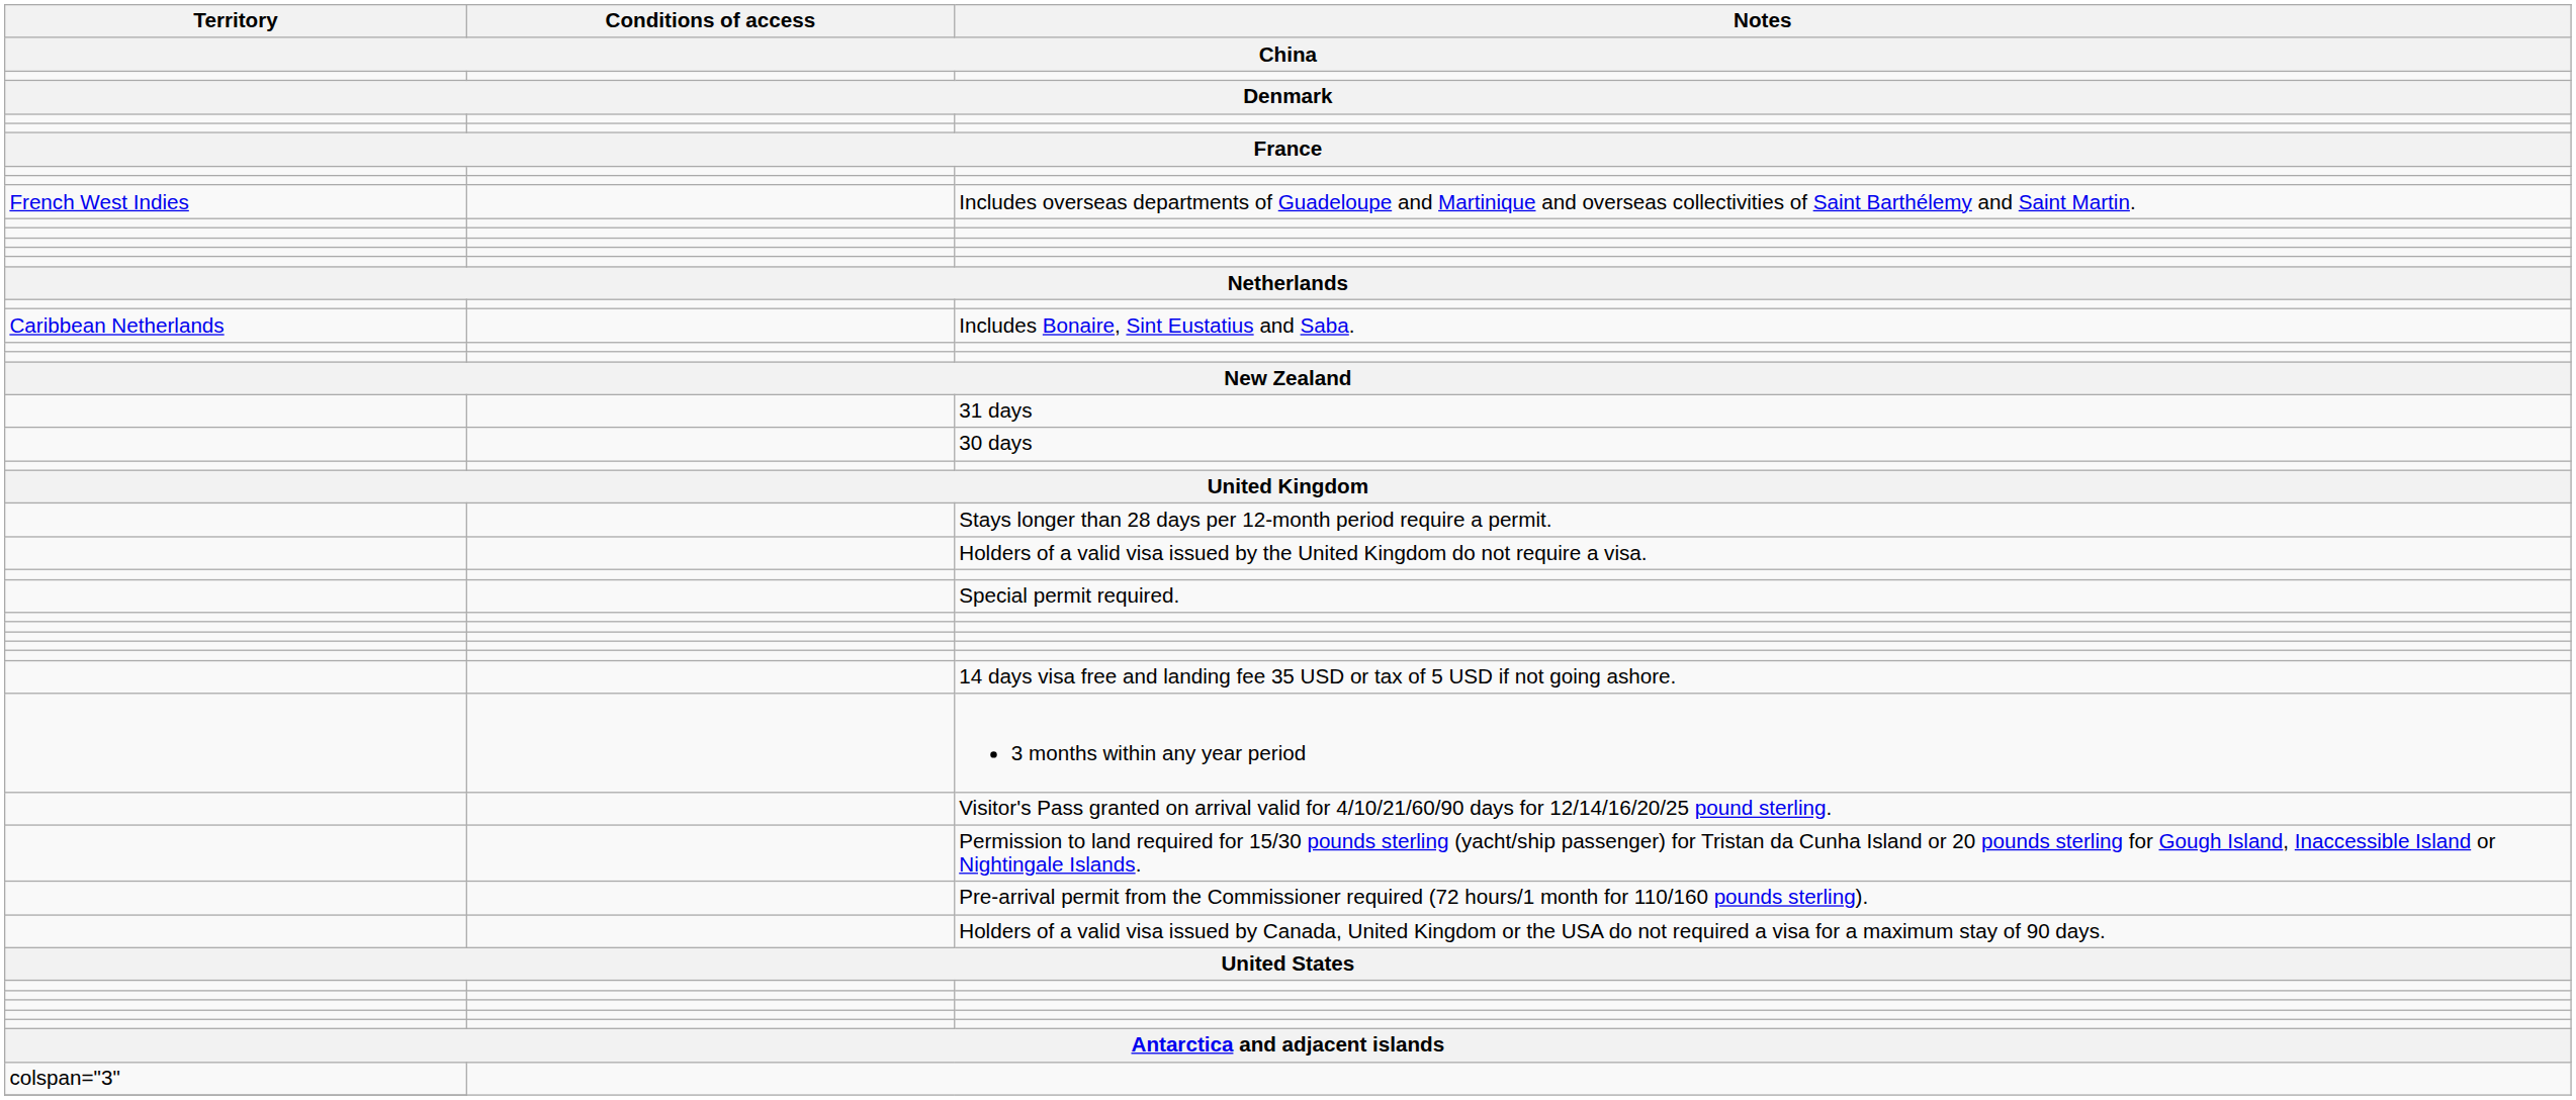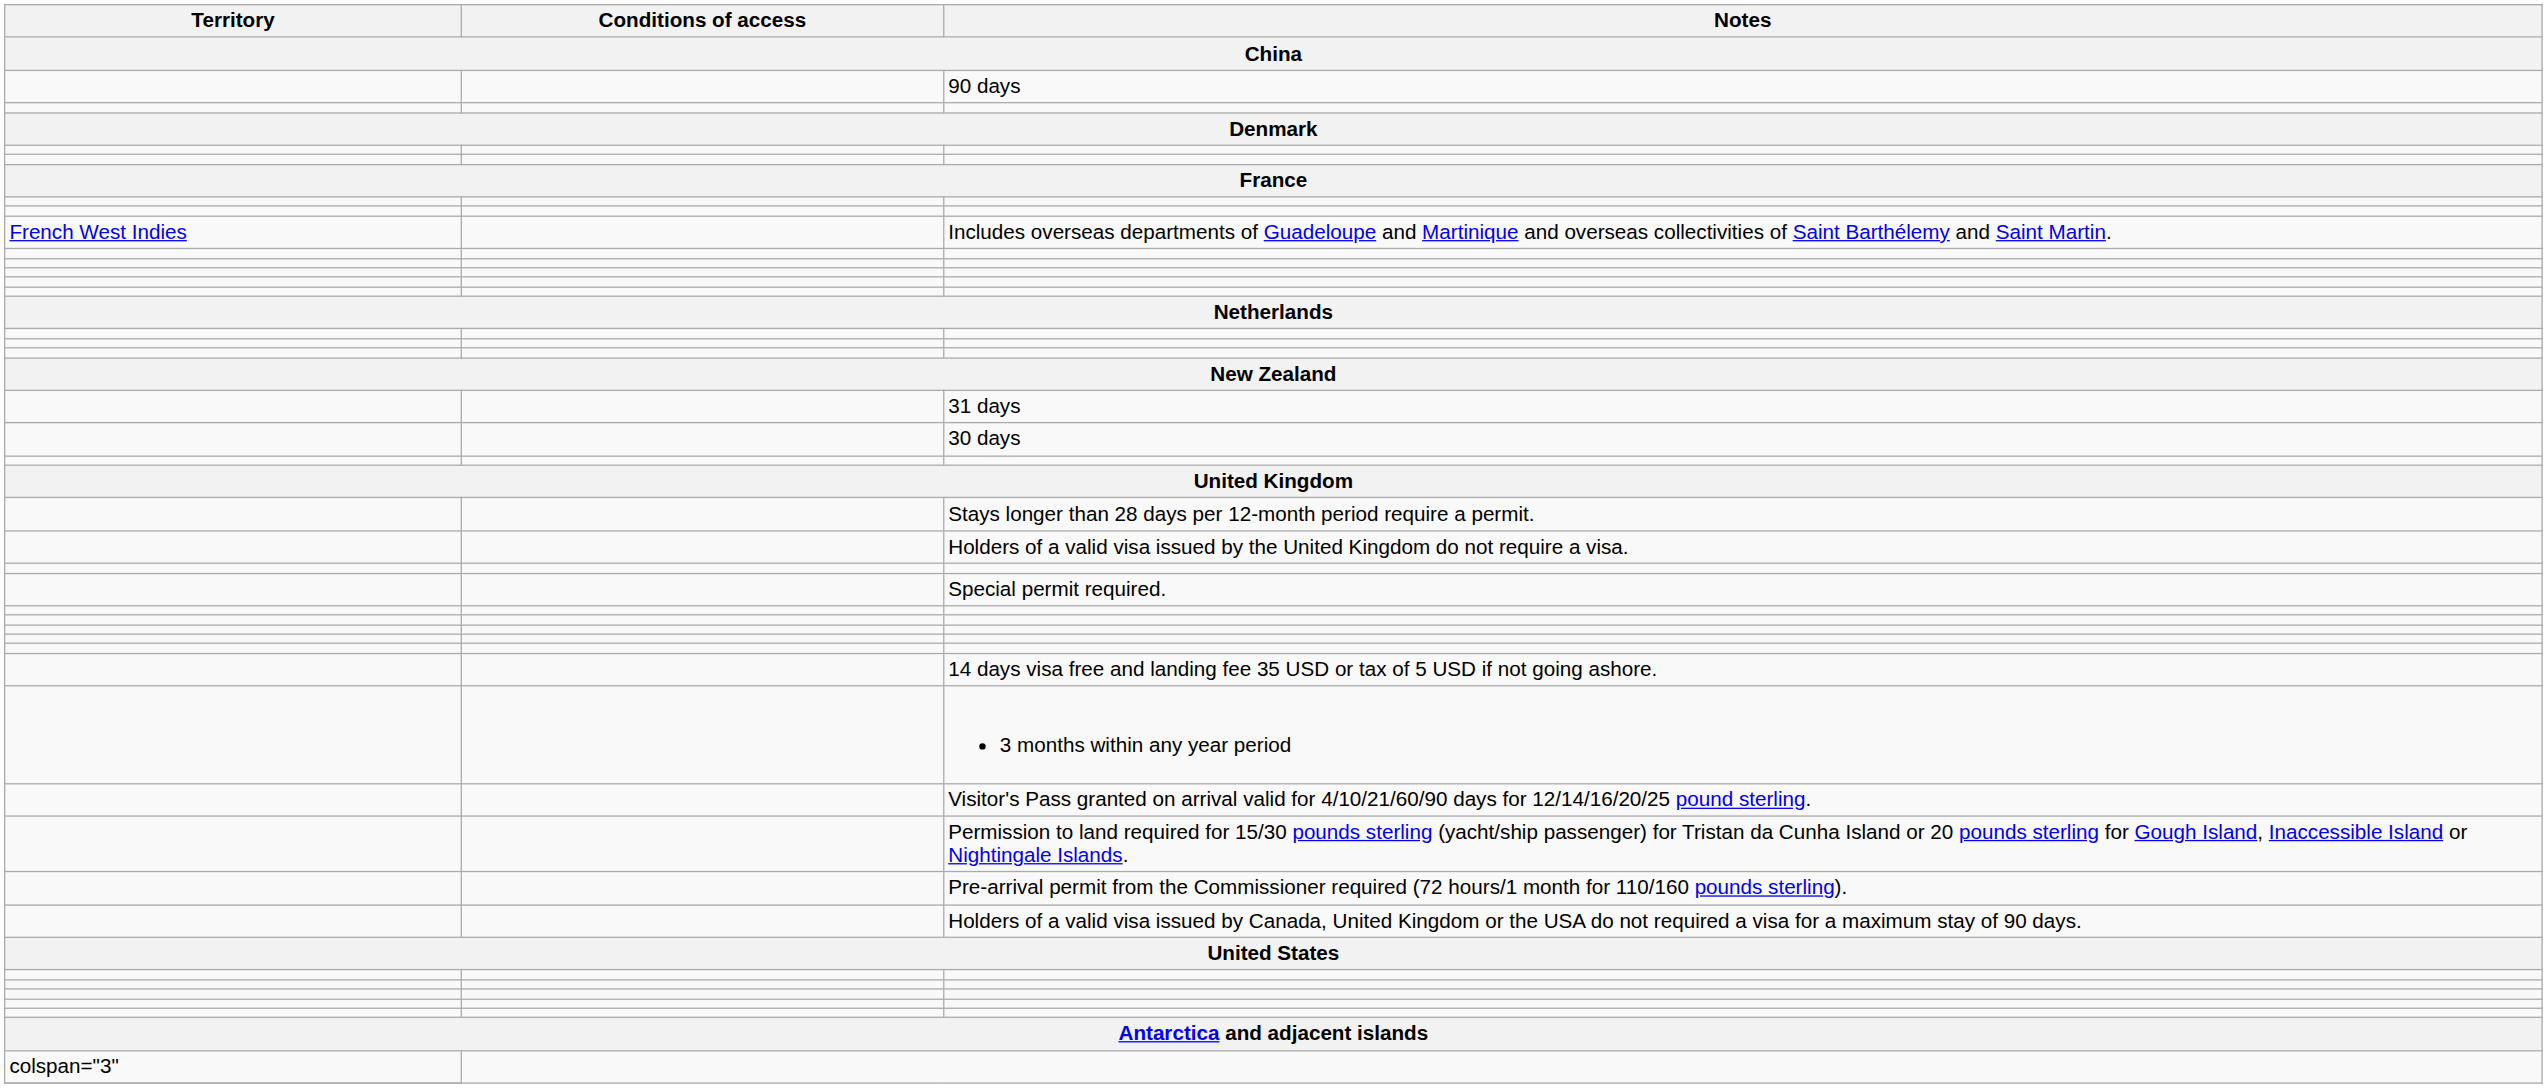 <table class="wikitable" style="text-align: left; table-layout: fixed;">
 <tr>
 <th width="18%">Territory</th>
 <th width="19%">Conditions of access</th>
 <th>Notes</th>
 </tr>
 <tr>
 <th colspan="3">China</th>
+</tr>
+<tr>
+<td></td>
+<td></td>
+<td>90 days</td>
 </tr>
 <tr>
 <td></td>
 <td></td>
 <td></td>
 </tr>
 <tr>
 <th colspan="3">Denmark</th>
 </tr>
 <tr>
 <td></td>
 <td></td>
 <td></td>
 </tr>
 <tr>
 <td></td>
 <td></td>
 <td></td>
 </tr>
 <tr>
 <th colspan="3">France</th>
 </tr>
 <tr>
 <td></td>
 <td></td>
 <td></td>
 </tr>
 <tr>
 <td></td>
 <td></td>
 <td></td>
 </tr>
 <tr>
 <td> <a href='#'>French West Indies</a></td>
 <td></td>
 <td>Includes overseas departments of <a href='#'>Guadeloupe</a> and <a href='#'>Martinique</a> and overseas collectivities of <a href='#'>Saint Barthélemy</a> and <a href='#'>Saint Martin</a>.</td>
 </tr>
 <tr>
 <td></td>
 <td></td>
 <td></td>
 </tr>
 <tr>
 <td></td>
 <td></td>
 <td></td>
 </tr>
 <tr>
 <td></td>
 <td></td>
 <td></td>
 </tr>
 <tr>
 <td></td>
 <td></td>
 <td></td>
 </tr>
 <tr>
 <td></td>
 <td></td>
 <td></td>
 </tr>
 <tr>
 <th colspan="3">Netherlands</th>
 </tr>
 <tr>
 <td></td>
 <td></td>
 <td></td>
-</tr>
-<tr>
-<td> <a href='#'>Caribbean Netherlands</a></td>
-<td></td>
-<td>Includes <a href='#'>Bonaire</a>, <a href='#'>Sint Eustatius</a> and <a href='#'>Saba</a>.</td>
 </tr>
 <tr>
 <td></td>
 <td></td>
 <td></td>
 </tr>
 <tr>
 <td></td>
 <td></td>
 <td></td>
 </tr>
 <tr>
 <th colspan="3">New Zealand</th>
 </tr>
 <tr>
 <td></td>
 <td></td>
 <td>31 days</td>
 </tr>
 <tr>
 <td></td>
 <td></td>
 <td>30 days</td>
 </tr>
 <tr>
 <td></td>
 <td></td>
 <td></td>
 </tr>
 <tr>
 <th colspan="3">United Kingdom</th>
 </tr>
 <tr>
 <td></td>
 <td></td>
 <td>Stays longer than 28 days per 12-month period require a permit.</td>
 </tr>
 <tr>
 <td></td>
 <td></td>
 <td>Holders of a valid visa issued by the United Kingdom do not require a visa.</td>
 </tr>
 <tr>
 <td></td>
 <td></td>
 <td></td>
 </tr>
 <tr>
 <td></td>
 <td></td>
 <td>Special permit required.</td>
 </tr>
 <tr>
 <td></td>
 <td></td>
 <td></td>
 </tr>
 <tr>
 <td></td>
 <td></td>
 <td></td>
 </tr>
 <tr>
 <td></td>
 <td></td>
 <td></td>
 </tr>
 <tr>
 <td></td>
 <td></td>
 <td></td>
 </tr>
 <tr>
 <td></td>
 <td></td>
 <td></td>
 </tr>
 <tr>
 <td></td>
 <td></td>
 <td>14 days visa free and landing fee 35 USD or tax of 5 USD if not going ashore.</td>
 </tr>
 <tr>
 <td></td>
 <td></td>
 <td><br><ul><li>3 months within any year period</li></ul></td>
 </tr>
 <tr>
 <td></td>
 <td></td>
 <td>Visitor's Pass granted on arrival valid for 4/10/21/60/90 days for 12/14/16/20/25 <a href='#'>pound sterling</a>.</td>
 </tr>
 <tr>
 <td></td>
 <td></td>
 <td>Permission to land required for 15/30 <a href='#'>pounds sterling</a> (yacht/ship passenger) for Tristan da Cunha Island or 20 <a href='#'>pounds sterling</a> for <a href='#'>Gough Island</a>, <a href='#'>Inaccessible Island</a> or <a href='#'>Nightingale Islands</a>.</td>
 </tr>
 <tr>
 <td></td>
 <td></td>
 <td>Pre-arrival permit from the Commissioner required (72 hours/1 month for 110/160 <a href='#'>pounds sterling</a>).</td>
 </tr>
 <tr>
 <td></td>
 <td></td>
 <td>Holders of a valid visa issued by Canada, United Kingdom or the USA do not required a visa for a maximum stay of 90 days.</td>
 </tr>
 <tr>
 <th colspan="3">United States</th>
 </tr>
 <tr>
 <td></td>
 <td></td>
 <td></td>
 </tr>
 <tr>
 <td></td>
 <td></td>
 <td></td>
 </tr>
 <tr>
 <td></td>
 <td></td>
 <td></td>
 </tr>
 <tr>
 <td></td>
 <td></td>
 <td></td>
 </tr>
 <tr>
 <td></td>
 <td></td>
 <td></td>
 </tr>
 <tr>
 <th colspan="3"><a href='#'>Antarctica</a> and adjacent islands</th>
 </tr>
 <tr>
 <td>colspan="3" </td>
 </tr>
 <tr>
 </tr>
 </table>
